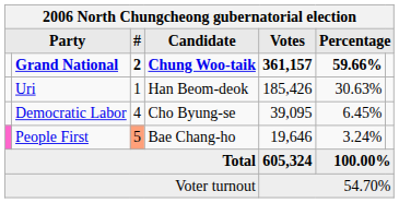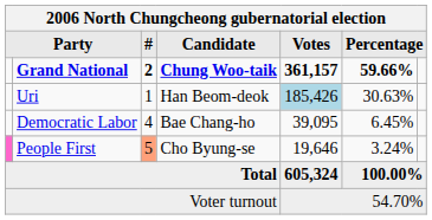 <table class="wikitable">
 <tr>
 <th colspan="7">2006 North Chungcheong gubernatorial election</th>
 </tr>
 <tr>
 <th style="background-color:#E9E9E9" colspan=2>Party</th>
 <th style="background-color:#E9E9E9">#</th>
 <th style="background-color:#E9E9E9">Candidate</th>
 <th style="background-color:#E9E9E9">Votes</th>
 <th style="background-color:#E9E9E9" colspan=2>Percentage</th>
 </tr>
 <tr style="font-weight:bold">
 <td></td>
 <td align=left><a href='#'>Grand National</a></td>
 <td align=center>2</td>
 <td align=left><a href='#'>Chung Woo-taik</a></td>
 <td align=right>361,157</td>
 <td align=right>59.66%</td>
 <td align=right></td>
 </tr>
 <tr>
 <td></td>
 <td align=left><a href='#'>Uri</a></td>
 <td align=center>1</td>
 <td align=left>Han Beom-deok</td>
-<td align=right>185,426</td>
+<td align=right style="background: lightblue;">185,426</td>
 <td align=right>30.63%</td>
 <td align=right></td>
 </tr>
 <tr>
 <td></td>
 <td align=left><a href='#'>Democratic Labor</a></td>
 <td align=center>4</td>
-<td align=left>Cho Byung-se</td>
+<td align=left>Bae Chang-ho</td>
 <td align=right>39,095</td>
 <td align=right>6.45%</td>
 <td align=right></td>
 </tr>
 <tr>
 <td bgcolor="#FF66cc"></td>
 <td align=left><a href='#'>People First</a></td>
 <td align=center style="background: lightsalmon;">5</td>
-<td align=left>Bae Chang-ho</td>
+<td align=left>Cho Byung-se</td>
 <td align=right>19,646</td>
 <td align=right>3.24%</td>
 <td align=right></td>
 </tr>
 <tr bgcolor="#EEEEEE" style="font-weight:bold">
 <td colspan="4" align=right>Total</td>
 <td align=right>605,324</td>
 <td align=right colspan=2>100.00%</td>
 </tr>
 <tr bgcolor="#EEEEEE">
 <td colspan="4" align="right">Voter turnout</td>
 <td colspan="3" align="right">54.70%</td>
 </tr>
 </table>
